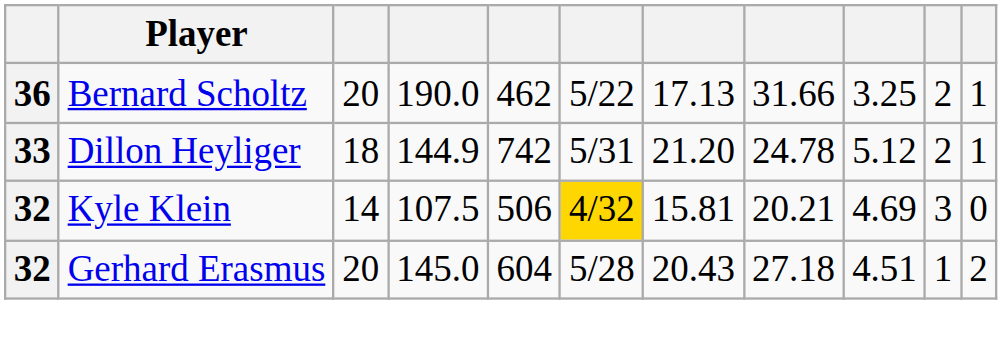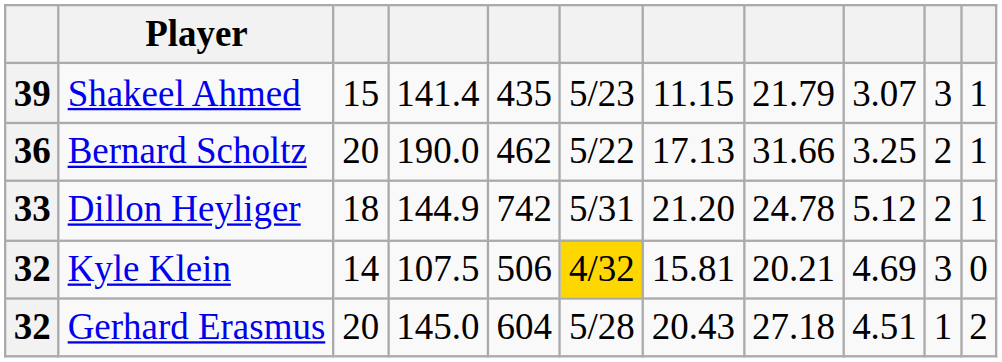 <table class="wikitable sortable" style="text-align:left;">
 <tr>
 <th scope=col></th>
 <th scope=col>Player</th>
 <th scope=col></th>
 <th scope=col></th>
 <th scope=col></th>
 <th scope=col></th>
 <th scope=col><a href='#'></a></th>
 <th scope=col><a href='#'></a></th>
 <th scope=col><a href='#'></a></th>
 <th scope=col></th>
 <th scope=col><a href='#'></a></th>
+</tr>
+<tr>
+<th scope="row">39</th>
+<td> <a href='#'>Shakeel Ahmed</a></td>
+<td>15</td>
+<td>141.4</td>
+<td>435</td>
+<td>5/23</td>
+<td align="center">11.15</td>
+<td>21.79</td>
+<td>3.07</td>
+<td>3</td>
+<td>1</td>
 </tr>
 <tr>
 <th scope="row">36</th>
 <td> <a href='#'>Bernard Scholtz</a></td>
 <td>20</td>
 <td>190.0</td>
 <td>462</td>
 <td>5/22</td>
 <td align=center>17.13</td>
 <td>31.66</td>
 <td>3.25</td>
 <td>2</td>
 <td>1</td>
 </tr>
 <tr>
 <th scope="row">33</th>
 <td> <a href='#'>Dillon Heyliger</a></td>
 <td>18</td>
 <td>144.9</td>
 <td>742</td>
 <td>5/31</td>
 <td align=center>21.20</td>
 <td>24.78</td>
 <td>5.12</td>
 <td>2</td>
 <td>1</td>
 </tr>
 <tr>
 <th scope="row">32</th>
 <td> <a href='#'>Kyle Klein</a></td>
 <td>14</td>
 <td>107.5</td>
 <td>506</td>
 <td style="background: gold;">4/32</td>
 <td align=center>15.81</td>
 <td>20.21</td>
 <td>4.69</td>
 <td>3</td>
 <td>0</td>
 </tr>
 <tr>
 <th scope="row">32</th>
 <td> <a href='#'>Gerhard Erasmus</a></td>
 <td>20</td>
 <td>145.0</td>
 <td>604</td>
 <td>5/28</td>
 <td align=center>20.43</td>
 <td>27.18</td>
 <td>4.51</td>
 <td>1</td>
 <td>2</td>
 </tr>
 </table>
